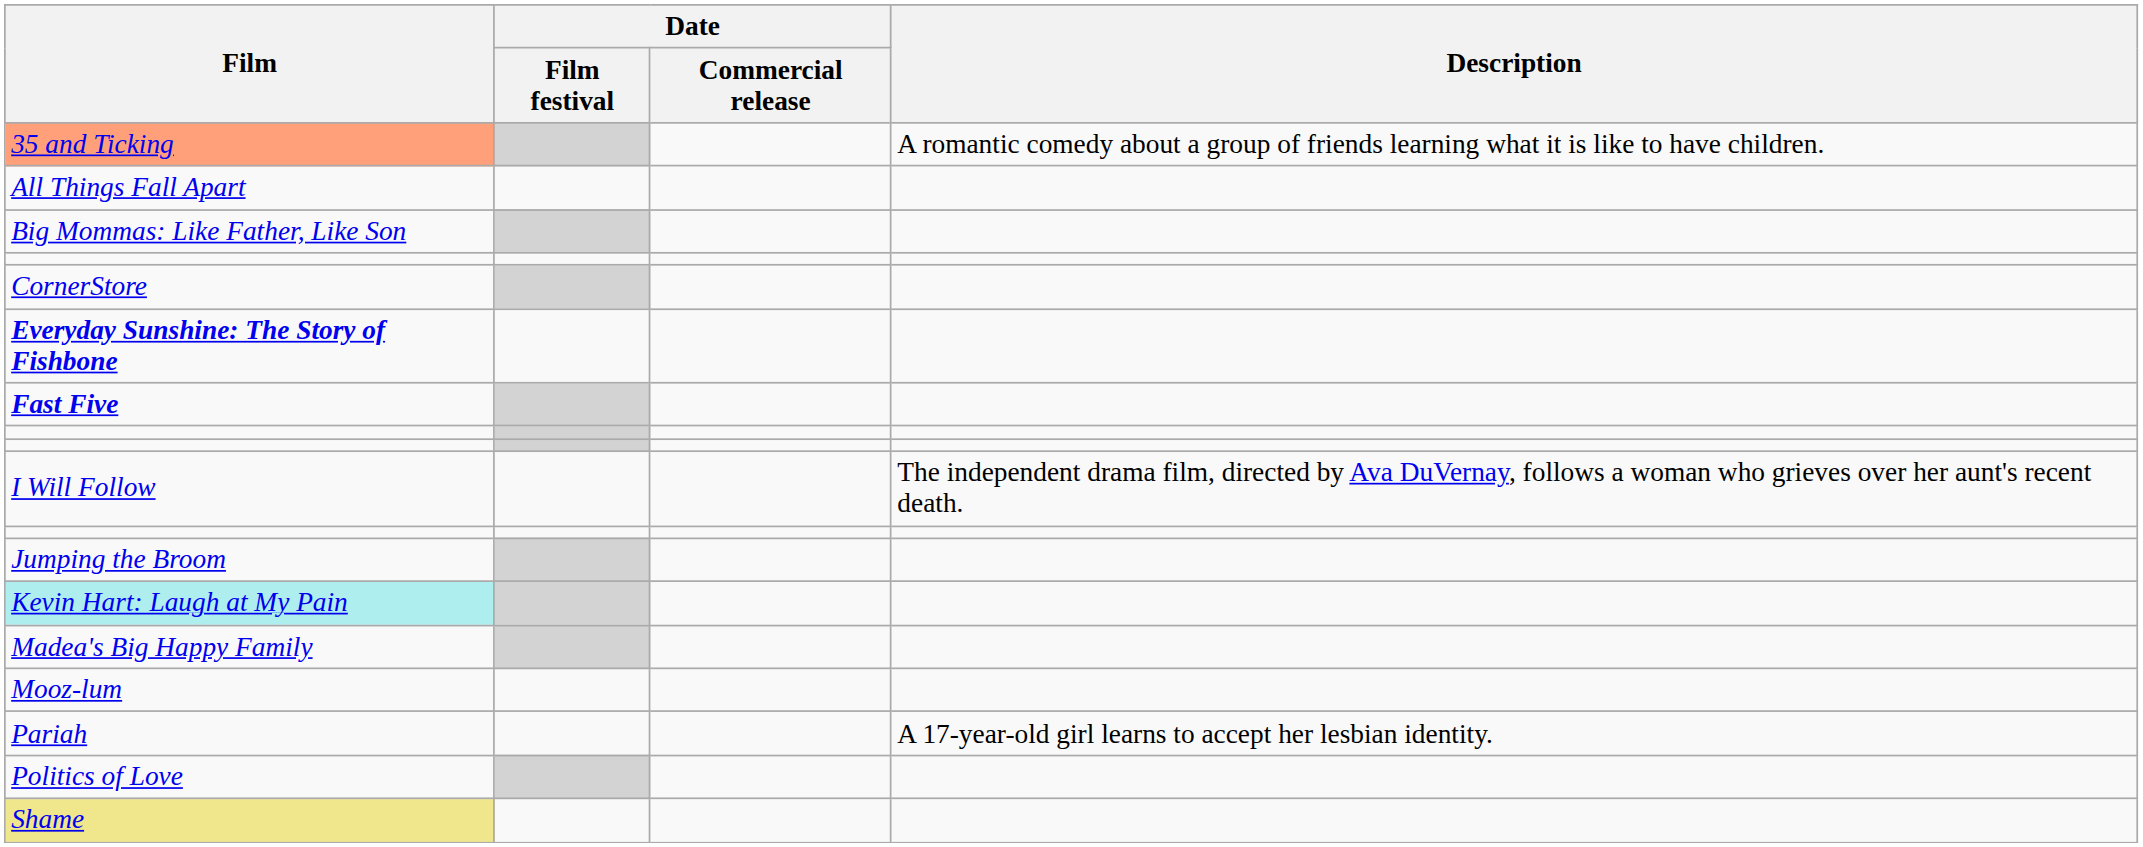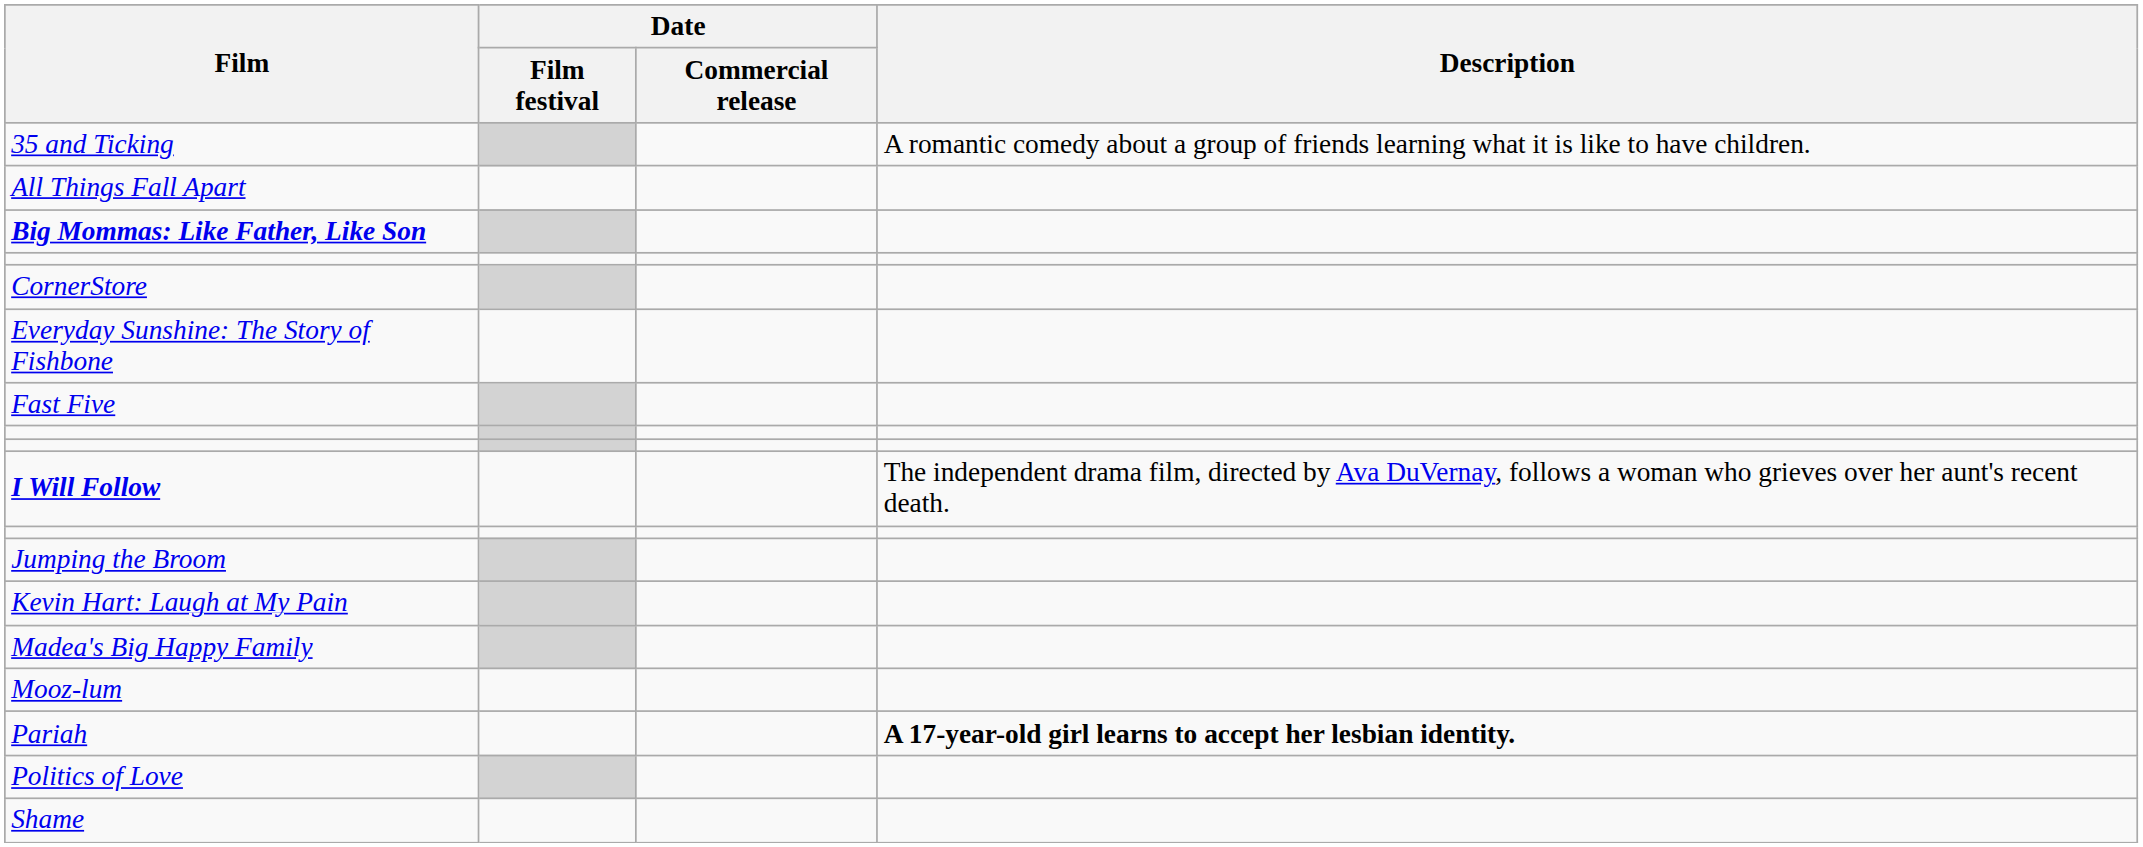 <table class="wikitable sortable">
 <tr style="background:#ccc; text-align:center;">
 <th scope="col" rowspan="2">Film</th>
 <th scope="col" colspan="2">Date</th>
 <th scope="col" rowspan="2" class="unsortable">Description</th>
 </tr>
 <tr>
 <th>Film festival</th>
 <th>Commercial release</th>
 </tr>
 <tr>
-<td style="background: lightsalmon;"><em><a href='#'>35 and Ticking</a></em></td>
+<td><em><a href='#'>35 and Ticking</a></em></td>
 <td style="background: lightgray"></td>
 <td></td>
 <td>A romantic comedy about a group of friends learning what it is like to have children.</td>
 </tr>
 <tr>
 <td><em><a href='#'>All Things Fall Apart</a></em></td>
 <td></td>
 <td></td>
 <td></td>
 </tr>
 <tr>
-<td><em><a href='#'>Big Mommas: Like Father, Like Son</a></em></td>
+<td><strong><em><a href='#'>Big Mommas: Like Father, Like Son</a></em></strong></td>
 <td style="background: lightgray"></td>
 <td></td>
 <td></td>
 </tr>
 <tr>
 <td><em></em></td>
 <td></td>
 <td></td>
 <td></td>
 </tr>
 <tr>
 <td><em><a href='#'>CornerStore</a></em></td>
 <td style="background: lightgray"></td>
 <td></td>
 <td></td>
 </tr>
 <tr>
-<td><strong><em><a href='#'>Everyday Sunshine: The Story of Fishbone</a></em></strong></td>
+<td><em><a href='#'>Everyday Sunshine: The Story of Fishbone</a></em></td>
 <td></td>
 <td></td>
 <td></td>
 </tr>
 <tr>
-<td><strong><em><a href='#'>Fast Five</a></em></strong></td>
+<td><em><a href='#'>Fast Five</a></em></td>
 <td style="background: lightgray"></td>
 <td></td>
 <td></td>
 </tr>
 <tr>
 <td><em></em></td>
 <td style="background: lightgray"></td>
 <td></td>
 <td></td>
 </tr>
 <tr>
 <td><em></em></td>
 <td style="background: lightgray"></td>
 <td></td>
 <td></td>
 </tr>
 <tr>
-<td><em><a href='#'>I Will Follow</a></em></td>
+<td><strong><em><a href='#'>I Will Follow</a></em></strong></td>
 <td></td>
 <td></td>
 <td>The independent drama film, directed by <a href='#'>Ava DuVernay</a>, follows a woman who grieves over her aunt's recent death.</td>
 </tr>
 <tr>
 <td><em></em></td>
 <td></td>
 <td></td>
 <td></td>
 </tr>
 <tr>
 <td><em><a href='#'>Jumping the Broom</a></em></td>
 <td style="background: lightgray"></td>
 <td></td>
 <td></td>
 </tr>
 <tr>
-<td style="background: paleturquoise;"><em><a href='#'>Kevin Hart: Laugh at My Pain</a></em></td>
+<td><em><a href='#'>Kevin Hart: Laugh at My Pain</a></em></td>
 <td style="background: lightgray"></td>
 <td></td>
 <td></td>
 </tr>
 <tr>
 <td><em><a href='#'>Madea's Big Happy Family</a></em></td>
 <td style="background: lightgray"></td>
 <td></td>
 <td></td>
 </tr>
 <tr>
 <td><em><a href='#'>Mooz-lum</a></em></td>
 <td></td>
 <td></td>
 <td></td>
 </tr>
 <tr>
 <td><em><a href='#'>Pariah</a></em></td>
 <td></td>
 <td></td>
-<td>A 17-year-old girl learns to accept her lesbian identity.</td>
+<td><strong>A 17-year-old girl learns to accept her lesbian identity.</strong></td>
 </tr>
 <tr>
 <td><em><a href='#'>Politics of Love</a></em></td>
 <td style="background: lightgray"></td>
 <td></td>
 <td></td>
 </tr>
 <tr>
-<td style="background: khaki;"><em><a href='#'>Shame</a></em></td>
+<td><em><a href='#'>Shame</a></em></td>
 <td></td>
 <td></td>
 <td></td>
 </tr>
 </table>
